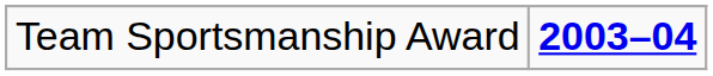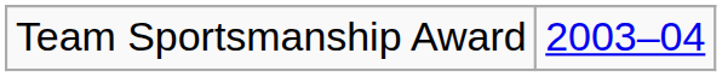 <table class="wikitable">
 <tr>
 </tr>
 <tr>
 <td>Team Sportsmanship Award</td>
-<td><strong><a href='#'>2003–04</a></strong></td>
+<td><a href='#'>2003–04</a></td>
 </tr>
 </table>
